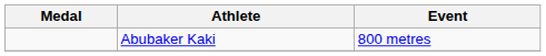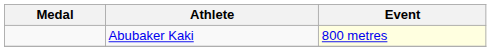 <table class="wikitable" style="font-size:90%" width=60%>
 <tr>
 <th>Medal</th>
 <th>Athlete</th>
 <th>Event</th>
 </tr>
 <tr>
 <td></td>
 <td><a href='#'>Abubaker Kaki</a></td>
-<td><a href='#'>800 metres</a></td>
+<td style="background: lightyellow;"><a href='#'>800 metres</a></td>
 </tr>
 <tr>
 </tr>
 </table>
